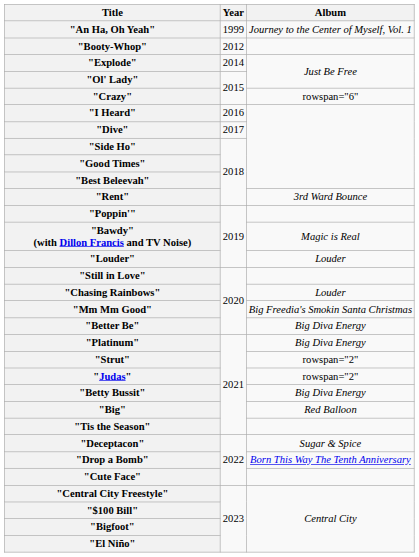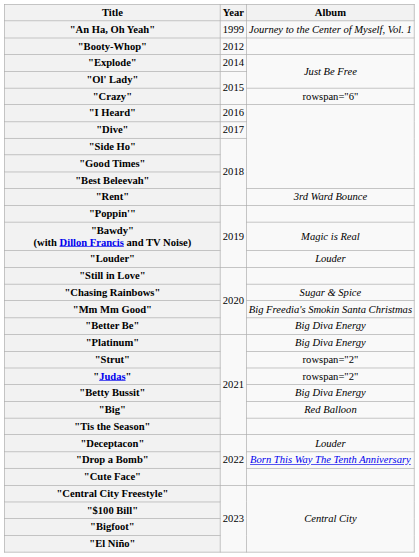 <table class="wikitable plainrowheaders" style="text-align:center;">
 <tr>
 <th scope="col" style="width:20em;">Title</th>
 <th scope="col">Year</th>
 <th scope="col">Album</th>
 </tr>
 <tr>
 <th scope="row">"An Ha, Oh Yeah"</th>
 <td>1999</td>
 <td><em>Journey to the Center of Myself, Vol. 1</em></td>
 </tr>
 <tr>
 <th scope="row">"Booty-Whop"</th>
 <td>2012</td>
 </tr>
 <tr>
 <th scope="row">"Explode"</th>
 <td>2014</td>
 <td rowspan="2"><em>Just Be Free</em></td>
 </tr>
 <tr>
 <th scope="row">"Ol' Lady"</th>
 <td rowspan="2">2015</td>
 </tr>
 <tr>
 <th scope="row">"Crazy"</th>
 <td>rowspan="6" </td>
 </tr>
 <tr>
 <th scope="row">"I Heard"</th>
 <td>2016</td>
 </tr>
 <tr>
 <th scope="row">"Dive"<br></th>
 <td>2017</td>
 </tr>
 <tr>
 <th scope="row">"Side Ho"<br></th>
 <td rowspan="4">2018</td>
 </tr>
 <tr>
 <th scope="row">"Good Times"<br></th>
 </tr>
 <tr>
 <th scope="row">"Best Beleevah"</th>
 </tr>
 <tr>
 <th scope="row">"Rent"</th>
 <td><em>3rd Ward Bounce</em></td>
 </tr>
 <tr>
 <th scope="row">"Poppin'"<br></th>
 <td rowspan="3">2019</td>
 <td></td>
 </tr>
 <tr>
 <th scope="row">"Bawdy" <br><span>(with <a href='#'>Dillon Francis</a> and TV Noise)</span></th>
 <td><em>Magic is Real</em></td>
 </tr>
 <tr>
 <th scope="row">"Louder" <br></th>
 <td><em>Louder</em></td>
 </tr>
 <tr>
 <th scope="row">"Still in Love"<br></th>
 <td rowspan="4">2020</td>
 <td></td>
 </tr>
 <tr>
 <th scope="row">"Chasing Rainbows"<br></th>
-<td><em>Louder</em></td>
+<td><em>Sugar & Spice</em></td>
 </tr>
 <tr>
 <th scope="row">"Mm Mm Good"</th>
 <td><em>Big Freedia's Smokin Santa Christmas</em></td>
 </tr>
 <tr>
 <th scope="row">"Better Be"<br></th>
 <td><em>Big Diva Energy</em></td>
 </tr>
 <tr>
 <th scope="row">"Platinum"</th>
 <td rowspan="6">2021</td>
 <td><em>Big Diva Energy</em></td>
 </tr>
 <tr>
 <th scope="row">"Strut"<br></th>
 <td>rowspan="2" </td>
 </tr>
 <tr>
 <th scope="row">"<a href='#'>Judas</a>"</th>
 <td>rowspan="2" </td>
 </tr>
 <tr>
 <th scope="row">"Betty Bussit"<br></th>
 <td><em>Big Diva Energy</em></td>
 </tr>
 <tr>
 <th scope="row">"Big"<br></th>
 <td><em>Red Balloon</em></td>
 </tr>
 <tr>
 <th scope="row">"Tis the Season"</th>
 <td></td>
 </tr>
 <tr>
 <th scope="row">"Deceptacon"<br></th>
 <td rowspan="3">2022</td>
-<td><em>Sugar & Spice</em></td>
+<td><em>Louder</em></td>
 </tr>
 <tr>
 <th scope="row">"Drop a Bomb"<br></th>
 <td><em><a href='#'>Born This Way The Tenth Anniversary</a></em></td>
 </tr>
 <tr>
 <th scope="row">"Cute Face"<br></th>
 </tr>
 <tr>
 <th scope="row">"Central City Freestyle"</th>
 <td rowspan="4">2023</td>
 <td rowspan="4"><em>Central City</em></td>
 </tr>
 <tr>
 <th scope="row">"$100 Bill"<br></th>
 </tr>
 <tr>
 <th scope="row">"Bigfoot"</th>
 </tr>
 <tr>
 <th scope="row">"El Niño"<br></th>
 </tr>
 </table>
